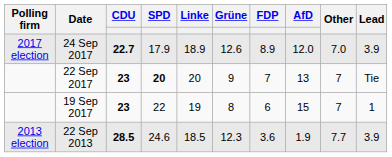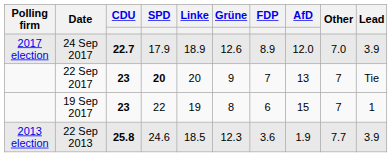 <table class="wikitable sortable" style="text-align:center; font-size:90%; line-height:16px;">
 <tr>
 <th style="width:60px;" rowspan="2">Polling firm</th>
 <th style="width:60px;" rowspan="2">Date</th>
 <th style="width:40px;" class="unsortable"><a href='#'>CDU</a></th>
 <th style="width:40px;" class="unsortable"><a href='#'>SPD</a></th>
 <th style="width:40px;" class="unsortable"><a href='#'>Linke</a></th>
 <th style="width:40px;" class="unsortable"><a href='#'>Grüne</a></th>
 <th style="width:40px;" class="unsortable"><a href='#'>FDP</a></th>
 <th style="width:40px;" class="unsortable"><a href='#'>AfD</a></th>
 <th style="width:40px;" rowspan="2" class="unsortable">Other</th>
 <th style="width:30px;" rowspan="2" class="unsortable">Lead</th>
 </tr>
 <tr>
 <th style="color:inherit;background:"></th>
 <th style="color:inherit;background:"></th>
 <th style="color:inherit;background:"></th>
 <th style="color:inherit;background:"></th>
 <th style="color:inherit;background:"></th>
 <th style="color:inherit;background:"></th>
 </tr>
 <tr style="background-color:#E9E9E9">
 <td><a href='#'>2017 election</a></td>
 <td>24 Sep 2017</td>
 <td><strong>22.7</strong></td>
 <td>17.9</td>
 <td>18.9</td>
 <td>12.6</td>
 <td>8.9</td>
 <td>12.0</td>
 <td>7.0</td>
 <td style="background:">3.9</td>
 </tr>
 <tr>
 <td></td>
 <td>22 Sep 2017</td>
 <td><strong>23</strong></td>
 <td><strong>20</strong></td>
 <td>20</td>
 <td>9</td>
 <td>7</td>
 <td>13</td>
 <td>7</td>
 <td>Tie</td>
 </tr>
 <tr>
 <td></td>
 <td>19 Sep 2017</td>
 <td><strong>23</strong></td>
 <td>22</td>
 <td>19</td>
 <td>8</td>
 <td>6</td>
 <td>15</td>
 <td>7</td>
 <td style="background:">1</td>
 </tr>
 <tr style="background-color:#E9E9E9">
 <td><a href='#'>2013 election</a></td>
 <td>22 Sep 2013</td>
-<td><strong>28.5</strong></td>
+<td><strong>25.8</strong></td>
 <td>24.6</td>
 <td>18.5</td>
 <td>12.3</td>
 <td>3.6</td>
 <td>1.9</td>
 <td>7.7</td>
 <td style="background:">3.9</td>
 </tr>
 </table>
